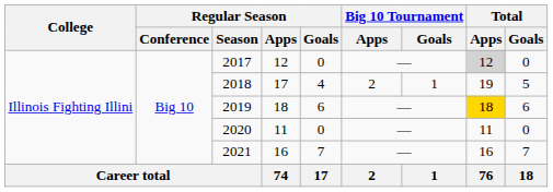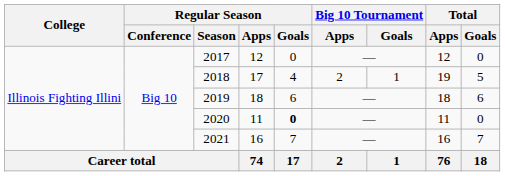 <table class="wikitable" style="text-align: center;">
 <tr>
 <th rowspan="2">College</th>
 <th colspan="4">Regular Season</th>
 <th colspan="2"><a href='#'>Big 10 Tournament</a></th>
 <th colspan="2">Total</th>
 </tr>
 <tr>
 <th>Conference</th>
 <th>Season</th>
 <th>Apps</th>
 <th>Goals</th>
 <th>Apps</th>
 <th>Goals</th>
 <th>Apps</th>
 <th>Goals</th>
 </tr>
 <tr>
 <td rowspan="5"><a href='#'>Illinois Fighting Illini</a></td>
 <td rowspan="5"><a href='#'>Big 10</a></td>
 <td>2017</td>
 <td>12</td>
 <td>0</td>
 <td colspan="2">—</td>
-<td style="background: lightgrey;">12</td>
+<td>12</td>
 <td>0</td>
 </tr>
 <tr>
 <td>2018</td>
 <td>17</td>
 <td>4</td>
 <td>2</td>
 <td>1</td>
 <td>19</td>
 <td>5</td>
 </tr>
 <tr>
 <td>2019</td>
 <td>18</td>
 <td>6</td>
 <td colspan="2">—</td>
-<td style="background: gold;">18</td>
+<td>18</td>
 <td>6</td>
 </tr>
 <tr>
 <td>2020</td>
 <td>11</td>
-<td>0</td>
+<td><strong>0</strong></td>
 <td colspan="2">—</td>
 <td>11</td>
 <td>0</td>
 </tr>
 <tr>
 <td>2021</td>
 <td>16</td>
 <td>7</td>
 <td colspan="2">—</td>
 <td>16</td>
 <td>7</td>
 </tr>
 <tr>
 <th colspan="3">Career total</th>
 <th>74</th>
 <th>17</th>
 <th>2</th>
 <th>1</th>
 <th>76</th>
 <th>18</th>
 </tr>
 </table>
